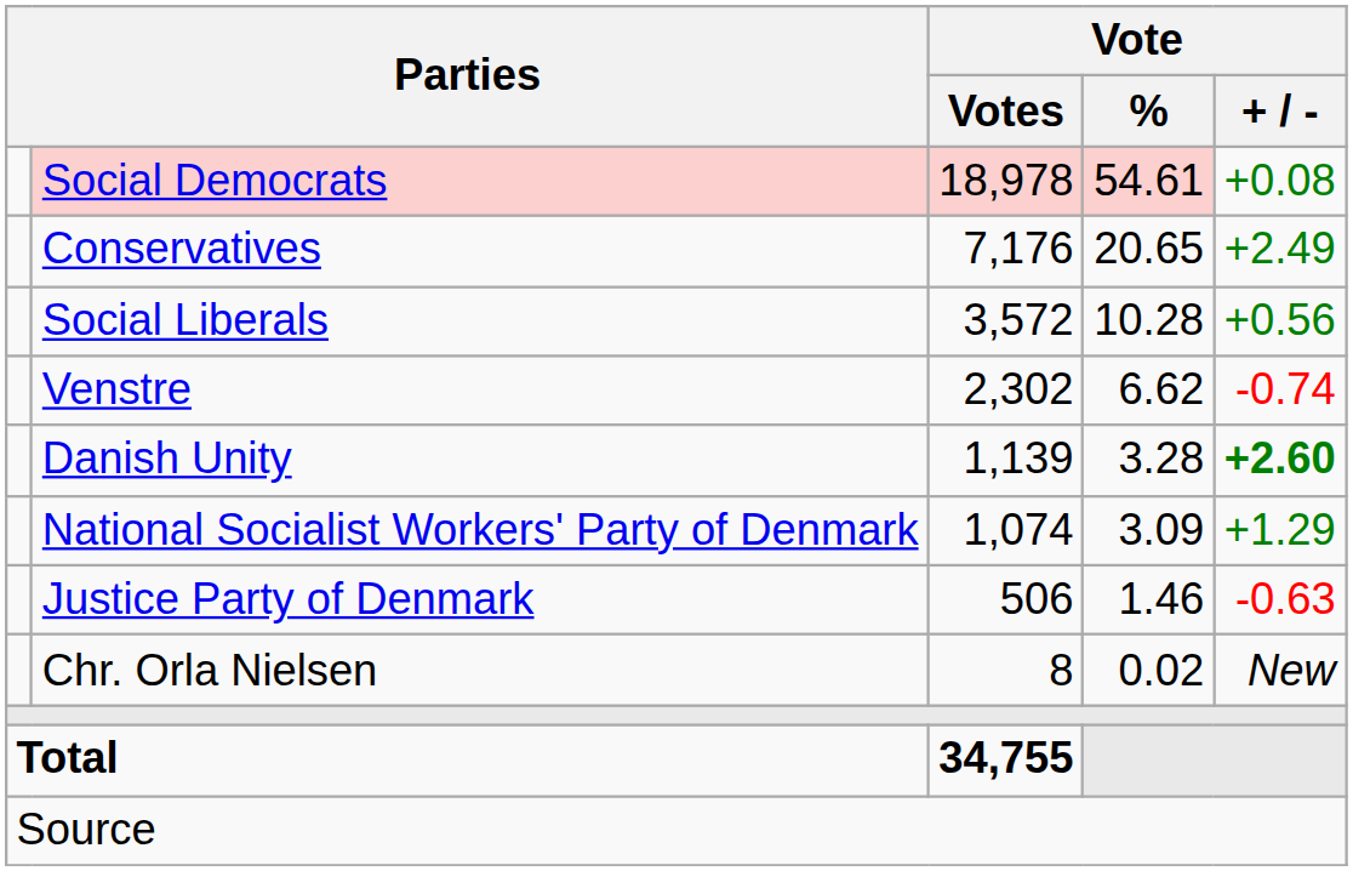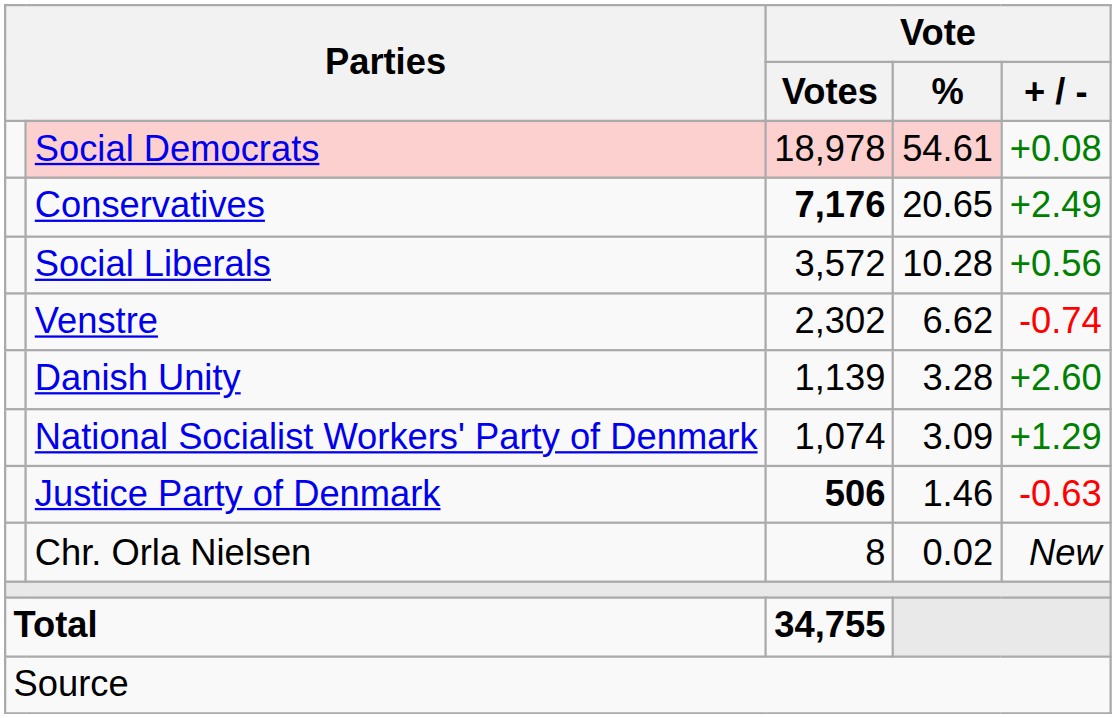 <table class="wikitable" style="text-align:right;">
 <tr>
 <th style="text-align:centre;" rowspan="2" colspan="2" width="225">Parties</th>
 <th colspan="3">Vote</th>
 </tr>
 <tr>
 <th width="15">Votes</th>
 <th width="15">%</th>
 <th width="15">+ / -</th>
 </tr>
 <tr>
 <td width="2" style="color:inherit;background:"></td>
 <td bgcolor=#fbd0ce  align="left"><a href='#'>Social Democrats</a></td>
 <td bgcolor=#fbd0ce>18,978</td>
 <td bgcolor=#fbd0ce>54.61</td>
 <td style=color:green;>+0.08</td>
 </tr>
 <tr>
 <td width="2" style="color:inherit;background:"></td>
 <td align="left"><a href='#'>Conservatives</a></td>
-<td>7,176</td>
+<td><strong>7,176</strong></td>
 <td>20.65</td>
 <td style=color:green;>+2.49</td>
 </tr>
 <tr>
 <td width="2" style="color:inherit;background:"></td>
 <td align="left"><a href='#'>Social Liberals</a></td>
 <td>3,572</td>
 <td>10.28</td>
 <td style=color:green;>+0.56</td>
 </tr>
 <tr>
 <td width="2" style="color:inherit;background:"></td>
 <td align="left"><a href='#'>Venstre</a></td>
 <td>2,302</td>
 <td>6.62</td>
 <td style=color:red;>-0.74</td>
 </tr>
 <tr>
 <td width="2" style="color:inherit;background:"></td>
 <td align="left"><a href='#'>Danish Unity</a></td>
 <td>1,139</td>
 <td>3.28</td>
-<td style=color:green;><strong>+2.60</strong></td>
+<td style=color:green;>+2.60</td>
 </tr>
 <tr>
 <td width="2" style="color:inherit;background:"></td>
 <td align="left"><a href='#'>National Socialist Workers' Party of Denmark</a></td>
 <td>1,074</td>
 <td>3.09</td>
 <td style=color:green;>+1.29</td>
 </tr>
 <tr>
 <td width="2" style="color:inherit;background:"></td>
 <td align="left"><a href='#'>Justice Party of Denmark</a></td>
-<td>506</td>
+<td><strong>506</strong></td>
 <td>1.46</td>
 <td style=color:red;>-0.63</td>
 </tr>
 <tr>
 <td width="2" style="color:inherit;background:"></td>
 <td align="left">Chr. Orla Nielsen</td>
 <td>8</td>
 <td>0.02</td>
 <td><em>New</em></td>
 </tr>
 <tr>
 <td colspan="7" bgcolor="#E9E9E9"></td>
 </tr>
 <tr>
 <td align="left" colspan="2"><strong>Total</strong></td>
 <td><strong>34,755</strong></td>
 <td bgcolor="#E9E9E9" colspan="2"></td>
 </tr>
 <tr>
 <td align="left" colspan="6">Source</td>
 </tr>
 </table>
